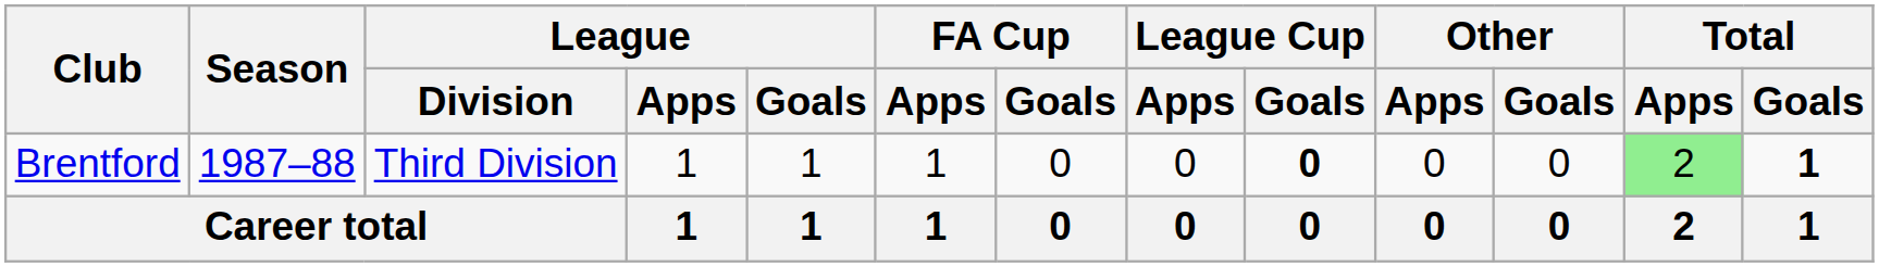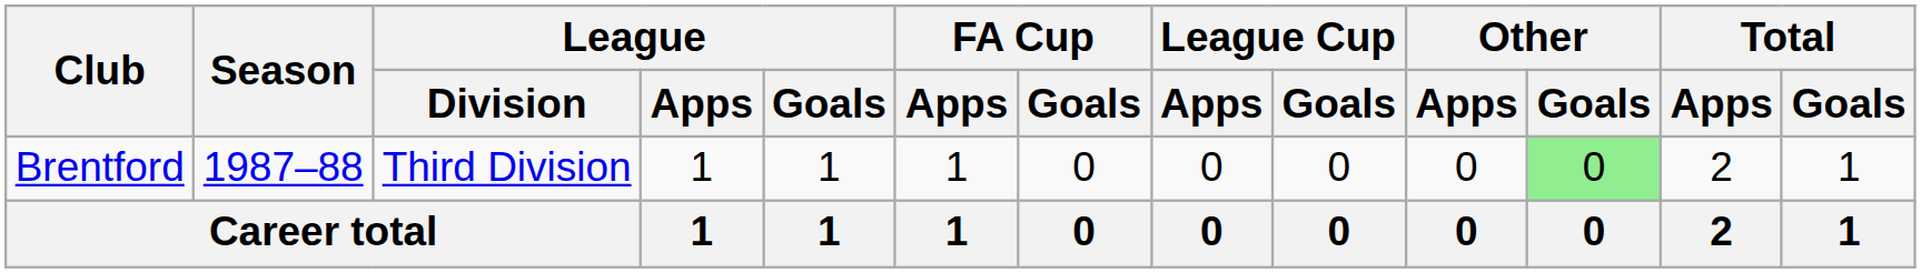 <table class="wikitable" style="text-align: center;">
 <tr>
 <th rowspan="2">Club</th>
 <th rowspan="2">Season</th>
 <th colspan="3">League</th>
 <th colspan="2">FA Cup</th>
 <th colspan="2">League Cup</th>
 <th colspan="2">Other</th>
 <th colspan="2">Total</th>
 </tr>
 <tr>
 <th>Division</th>
 <th>Apps</th>
 <th>Goals</th>
 <th>Apps</th>
 <th>Goals</th>
 <th>Apps</th>
 <th>Goals</th>
 <th>Apps</th>
 <th>Goals</th>
 <th>Apps</th>
 <th>Goals</th>
 </tr>
 <tr>
 <td><a href='#'>Brentford</a></td>
 <td><a href='#'>1987–88</a></td>
 <td><a href='#'>Third Division</a></td>
 <td>1</td>
 <td>1</td>
 <td>1</td>
 <td>0</td>
 <td>0</td>
-<td><strong>0</strong></td>
 <td>0</td>
 <td>0</td>
-<td style="background: lightgreen;">2</td>
-<td><strong>1</strong></td>
+<td style="background: lightgreen;">0</td>
+<td>2</td>
+<td>1</td>
 </tr>
 <tr>
 <th colspan="3">Career total</th>
 <th>1</th>
 <th>1</th>
 <th>1</th>
 <th>0</th>
 <th>0</th>
 <th>0</th>
 <th>0</th>
 <th>0</th>
 <th>2</th>
 <th>1</th>
 </tr>
 </table>
